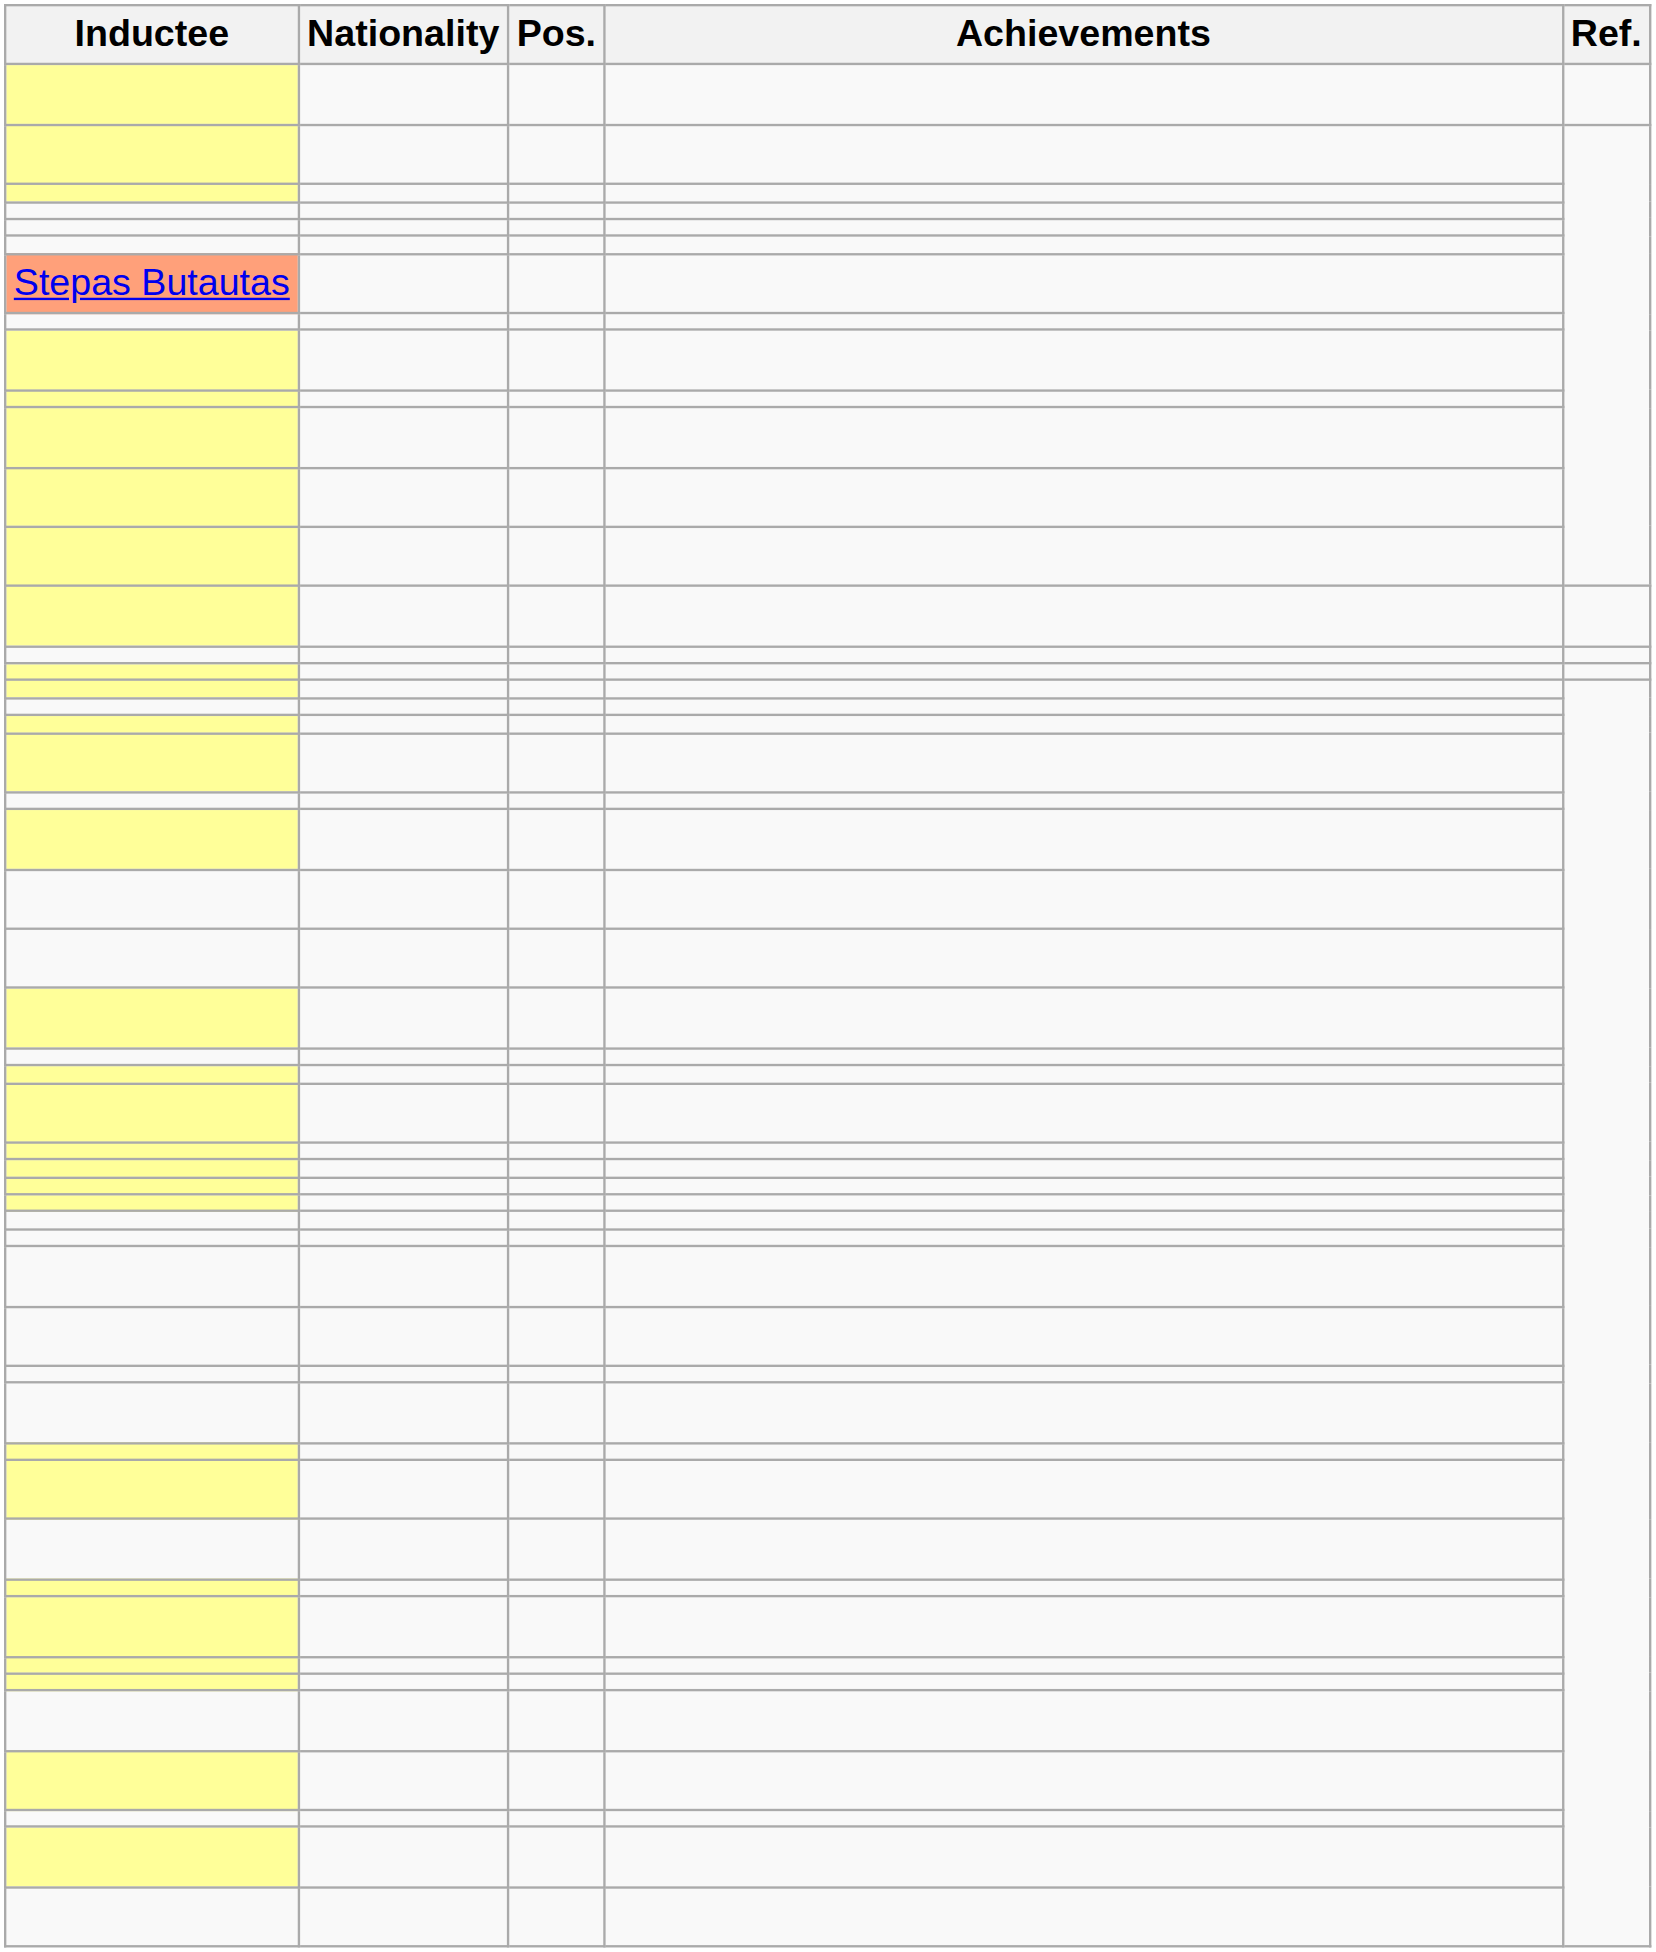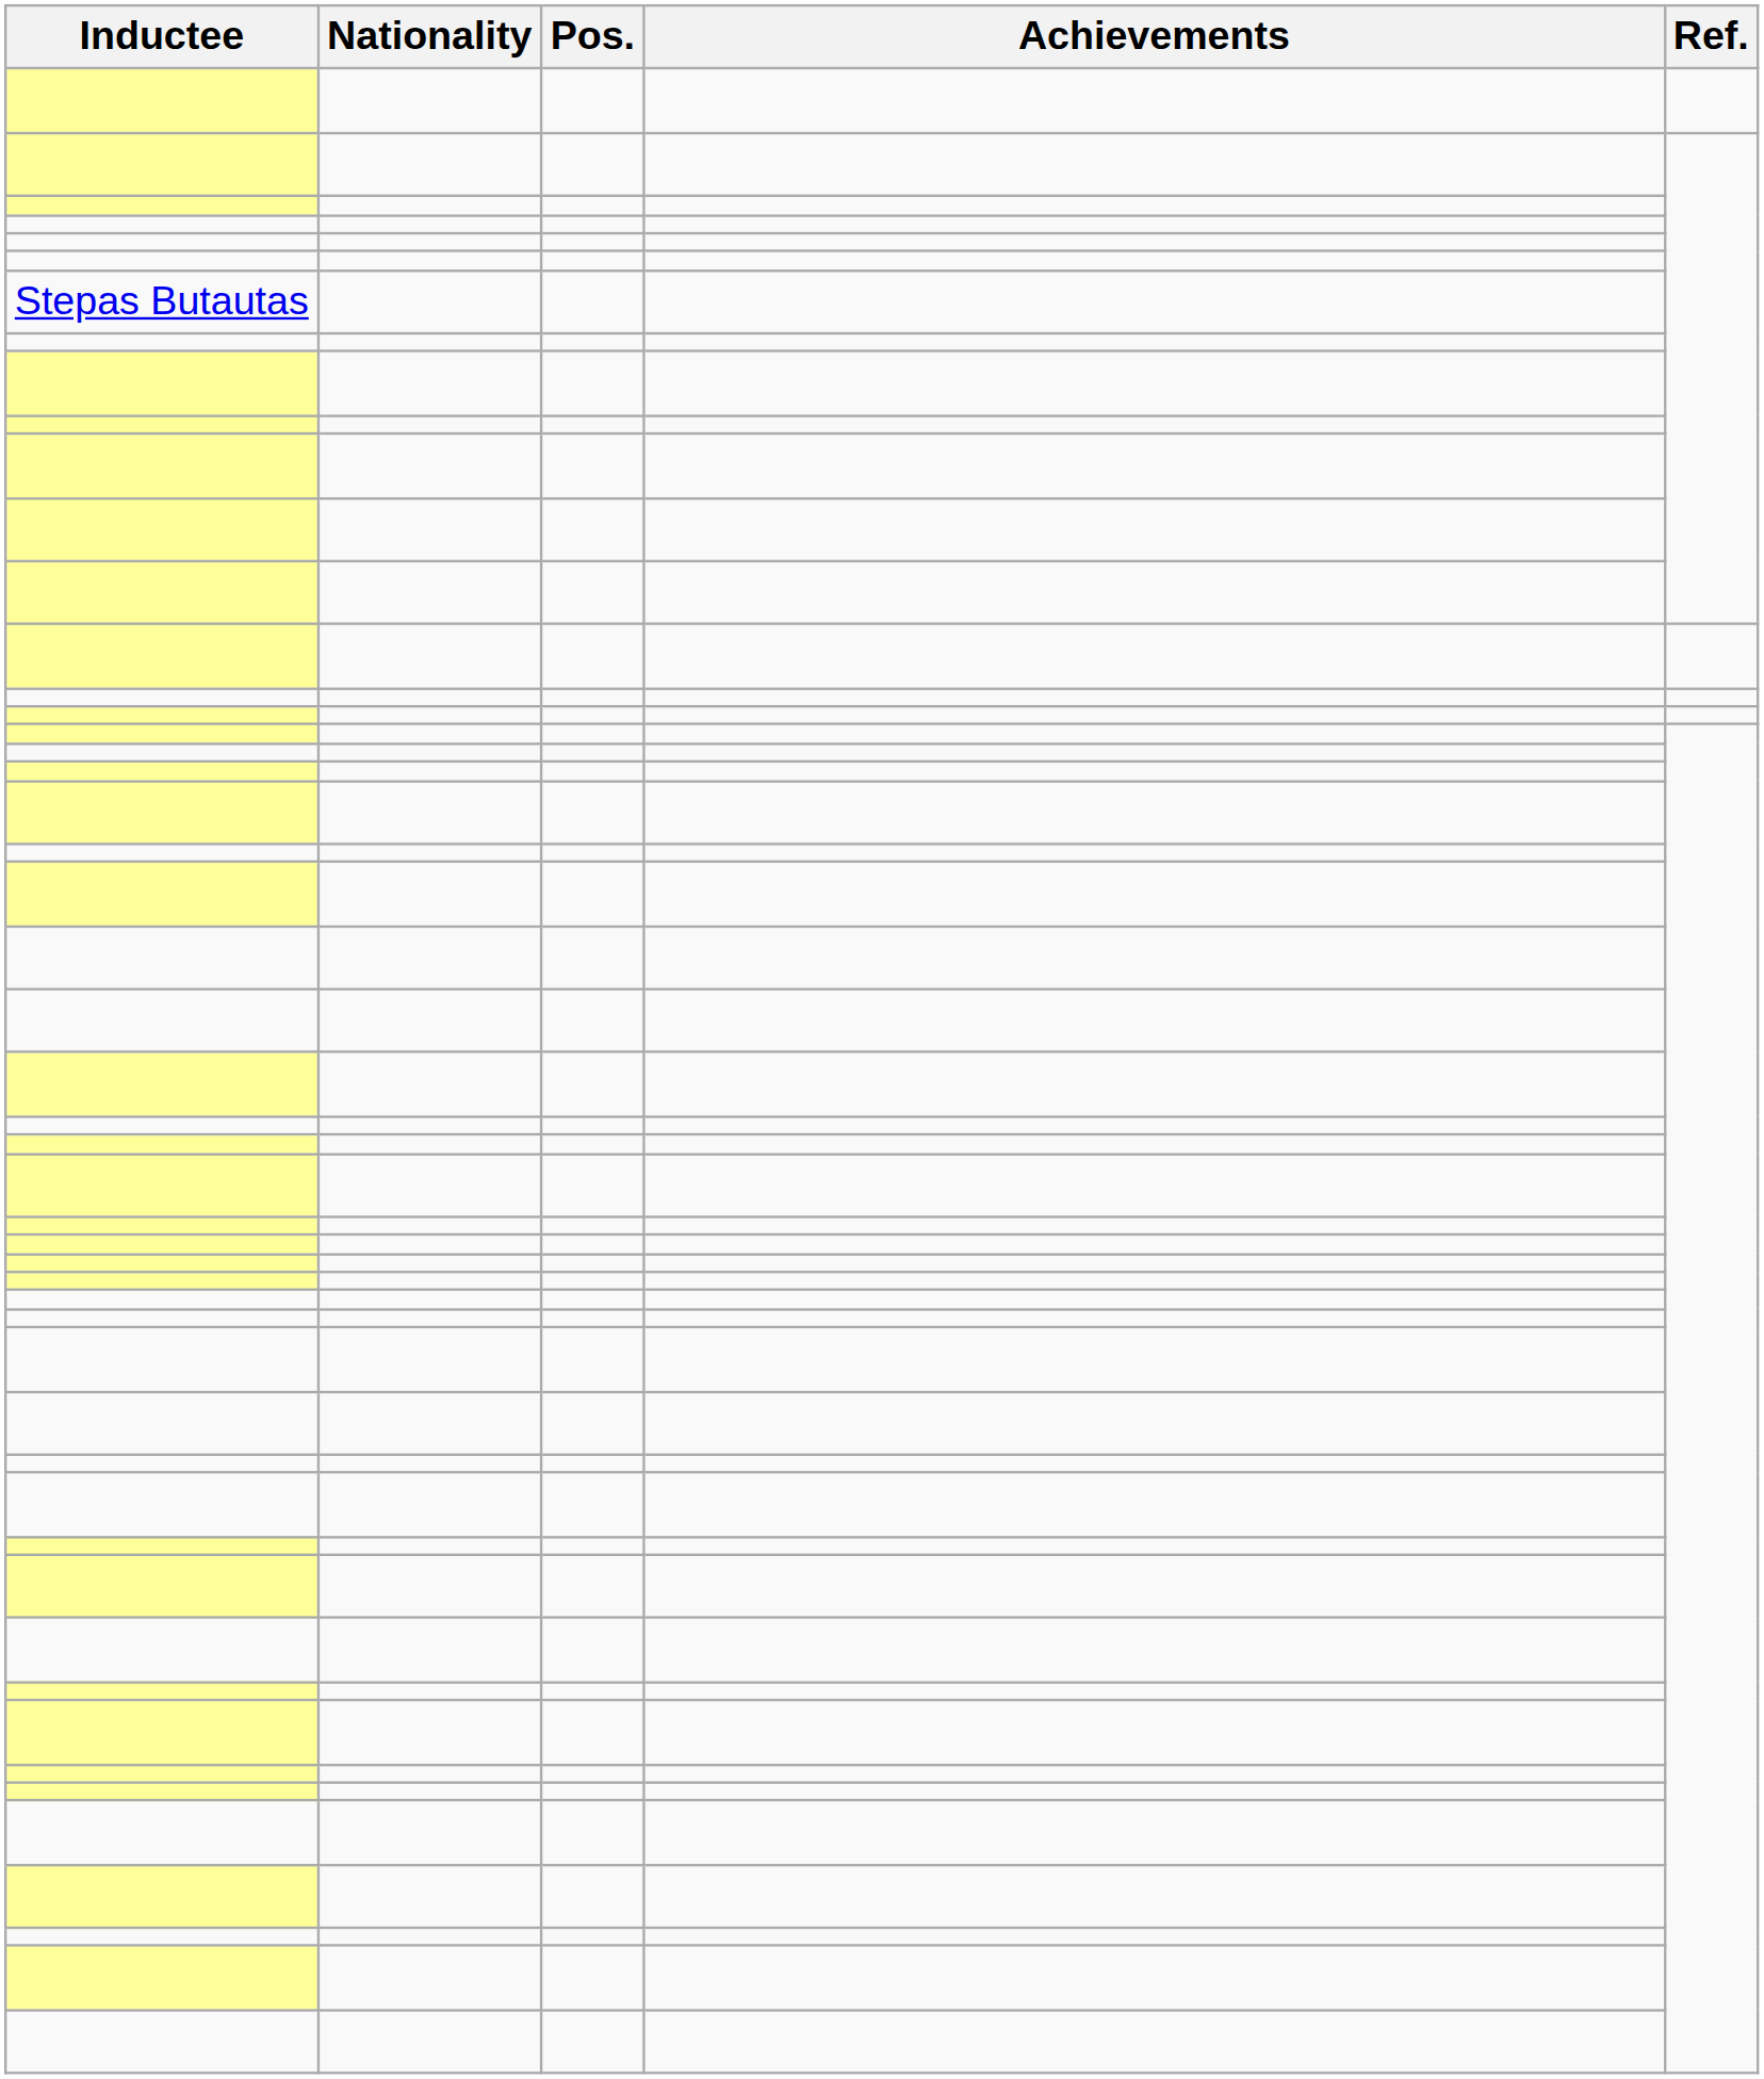 <table class="wikitable sortable" style="text-align:left">
 <tr>
 <th>Inductee</th>
 <th>Nationality</th>
 <th>Pos.</th>
 <th class="unsortable" width="400px">Achievements</th>
 <th class="unsortable">Ref.</th>
 </tr>
 <tr>
 <td style="background:#ff9;"></td>
 <td><br></td>
 <td></td>
 <td></td>
 <td></td>
 </tr>
 <tr>
 <td style="background:#ff9;"></td>
 <td><br></td>
 <td></td>
 <td></td>
 </tr>
 <tr>
 <td style="background:#ff9;"></td>
 <td></td>
 <td></td>
 <td></td>
 </tr>
 <tr>
 <td></td>
 <td></td>
 <td></td>
 <td></td>
 </tr>
 <tr>
 <td></td>
 <td></td>
 <td></td>
 <td></td>
 </tr>
 <tr>
 <td></td>
 <td></td>
 <td></td>
 <td></td>
 </tr>
 <tr>
-<td style="background: lightsalmon;"><a href='#'>Stepas Butautas</a></td>
+<td><a href='#'>Stepas Butautas</a></td>
 <td><br></td>
 <td></td>
 <td></td>
 </tr>
 <tr>
 <td></td>
 <td></td>
 <td></td>
 <td></td>
 </tr>
 <tr>
 <td style="background:#ff9;"></td>
 <td><br></td>
 <td></td>
 <td></td>
 </tr>
 <tr>
 <td style="background:#ff9;"></td>
 <td></td>
 <td></td>
 <td></td>
 </tr>
 <tr>
 <td style="background:#ff9;"></td>
 <td><br></td>
 <td></td>
 <td></td>
 </tr>
 <tr>
 <td style="background:#ff9;"></td>
 <td><br></td>
 <td></td>
 <td></td>
 </tr>
 <tr>
 <td style="background:#ff9;"></td>
 <td><br></td>
 <td></td>
 <td></td>
 </tr>
 <tr>
 <td style="background:#ff9;"></td>
 <td><br></td>
 <td></td>
 <td></td>
 <td></td>
 </tr>
 <tr>
 <td></td>
 <td></td>
 <td></td>
 <td></td>
 </tr>
 <tr>
 <td style="background:#ff9;"></td>
 <td></td>
 <td></td>
 <td></td>
 <td></td>
 </tr>
 <tr>
 <td style="background:#ff9;"></td>
 <td></td>
 <td></td>
 <td></td>
 </tr>
 <tr>
 <td></td>
 <td></td>
 <td></td>
 <td></td>
 </tr>
 <tr>
 <td style="background:#ff9;"></td>
 <td></td>
 <td></td>
 <td></td>
 </tr>
 <tr>
 <td style="background:#ff9;"></td>
 <td><br></td>
 <td></td>
 <td></td>
 </tr>
 <tr>
 <td></td>
 <td></td>
 <td></td>
 <td></td>
 </tr>
 <tr>
 <td style="background:#ff9;"></td>
 <td><br></td>
 <td></td>
 <td></td>
 </tr>
 <tr>
 <td></td>
 <td><br></td>
 <td></td>
 <td></td>
 </tr>
 <tr>
 <td></td>
 <td><br></td>
 <td></td>
 <td></td>
 </tr>
 <tr>
 <td style="background:#ff9;"></td>
 <td><br></td>
 <td></td>
 <td></td>
 </tr>
 <tr>
 <td></td>
 <td></td>
 <td></td>
 <td></td>
 </tr>
 <tr>
 <td style="background:#ff9;"></td>
 <td></td>
 <td></td>
 <td></td>
 </tr>
 <tr>
 <td style="background:#ff9;"></td>
 <td><br></td>
 <td></td>
 <td></td>
 </tr>
 <tr>
 <td style="background:#ff9;"></td>
 <td></td>
 <td></td>
 <td></td>
 </tr>
 <tr>
 <td style="background:#ff9;"></td>
 <td></td>
 <td></td>
 <td></td>
 </tr>
 <tr>
 <td style="background:#ff9;"></td>
 <td></td>
 <td></td>
 <td></td>
 </tr>
 <tr>
 <td style="background:#ff9;"></td>
 <td></td>
 <td></td>
 <td></td>
 </tr>
 <tr>
 <td></td>
 <td></td>
 <td></td>
 <td></td>
 </tr>
 <tr>
 <td></td>
 <td></td>
 <td></td>
 <td></td>
 </tr>
 <tr>
 <td></td>
 <td><br></td>
 <td></td>
 <td></td>
 </tr>
 <tr>
 <td></td>
 <td><br></td>
 <td></td>
 <td></td>
 </tr>
 <tr>
 <td></td>
 <td></td>
 <td></td>
 <td></td>
 </tr>
 <tr>
 <td></td>
 <td><br></td>
 <td></td>
 <td></td>
 </tr>
 <tr>
 <td style="background:#ff9;"></td>
 <td></td>
 <td></td>
 <td></td>
 </tr>
 <tr>
 <td style="background:#ff9;"></td>
 <td><br></td>
 <td></td>
 <td></td>
 </tr>
 <tr>
 <td></td>
 <td><br></td>
 <td></td>
 <td></td>
 </tr>
 <tr>
 <td style="background:#ff9;"></td>
 <td></td>
 <td></td>
 <td></td>
 </tr>
 <tr>
 <td style="background:#ff9;"></td>
 <td><br></td>
 <td></td>
 <td></td>
 </tr>
 <tr>
 <td style="background:#ff9;"></td>
 <td></td>
 <td></td>
 <td></td>
 </tr>
 <tr>
 <td style="background:#ff9;"></td>
 <td></td>
 <td></td>
 <td></td>
 </tr>
 <tr>
 <td></td>
 <td><br></td>
 <td></td>
 <td></td>
 </tr>
 <tr>
 <td style="background:#ff9;"></td>
 <td><br></td>
 <td></td>
 <td></td>
 </tr>
 <tr>
 <td></td>
 <td></td>
 <td></td>
 <td></td>
 </tr>
 <tr>
 <td style="background:#ff9;"></td>
 <td><br></td>
 <td></td>
 <td></td>
 </tr>
 <tr>
 <td></td>
 <td><br></td>
 <td></td>
 <td></td>
 </tr>
 </table>
